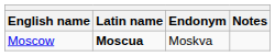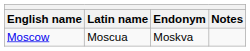 <table class="wikitable sortable">
 <tr>
 <th colspan="4"></th>
 </tr>
 <tr>
 <th>English name</th>
 <th>Latin name</th>
 <th>Endonym</th>
 <th>Notes</th>
 </tr>
 <tr>
 <td><a href='#'>Moscow</a></td>
-<td><strong>Moscua</strong></td>
+<td>Moscua</td>
 <td>Moskva</td>
 <td></td>
 </tr>
 </table>
